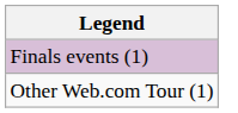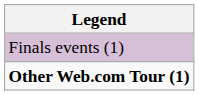 <table class="wikitable" style="font-size:95%;">
 <tr>
 <th>Legend</th>
 </tr>
 <tr style="background:#D8BFD8;">
 <td>Finals events (1)</td>
 </tr>
 <tr>
-<td>Other Web.com Tour (1)</td>
+<td><strong>Other Web.com Tour (1)</strong></td>
 </tr>
 </table>
